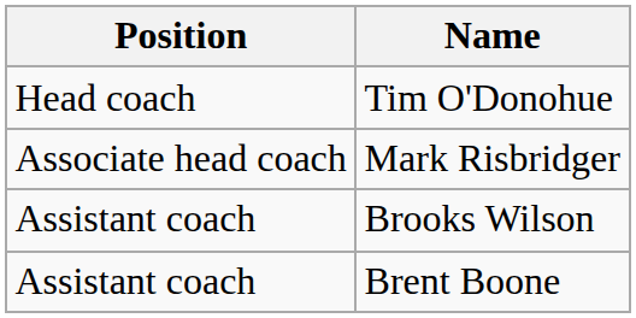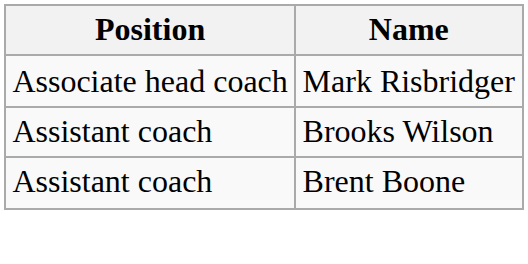 <table class= wikitable>
 <tr>
 <th width=px>Position</th>
 <th width=px>Name</th>
-</tr>
-<tr>
-<td>Head coach</td>
-<td>Tim O'Donohue</td>
 </tr>
 <tr>
 <td>Associate head coach</td>
 <td>Mark Risbridger</td>
 </tr>
 <tr>
 <td>Assistant coach</td>
 <td>Brooks Wilson</td>
 </tr>
 <tr>
 <td>Assistant coach</td>
 <td>Brent Boone</td>
 </tr>
 </table>
